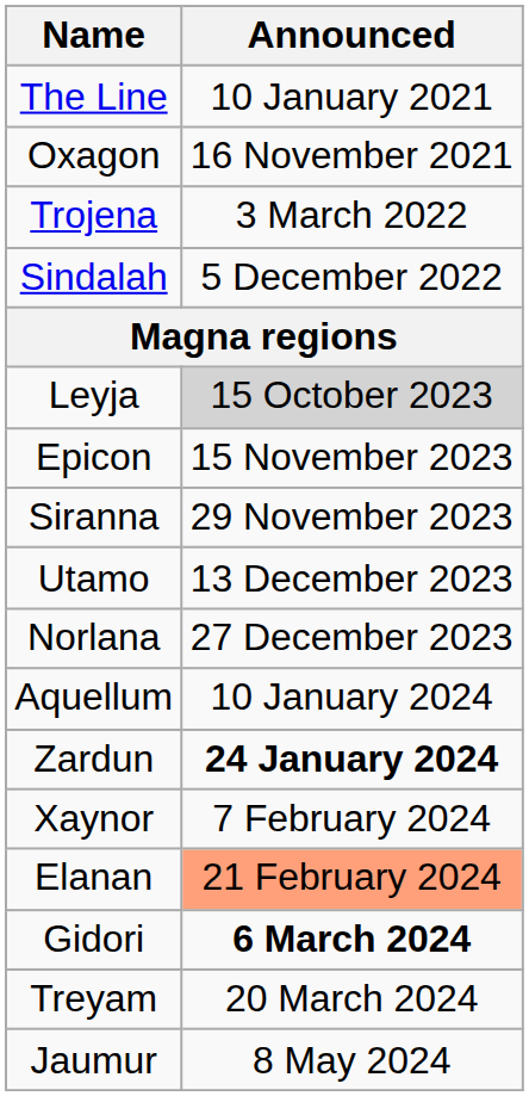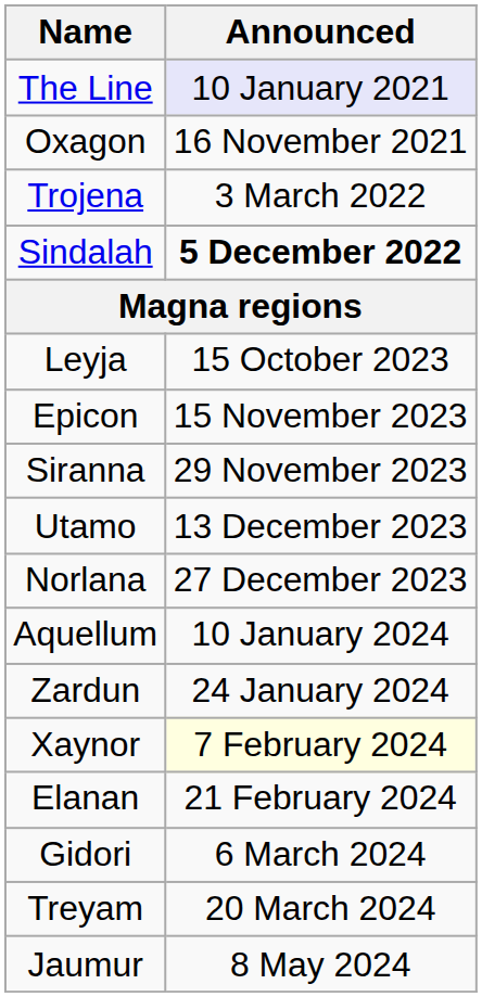 <table class="wikitable sortable" style="text-align:center;">
 <tr>
 <th>Name</th>
 <th>Announced</th>
 </tr>
 <tr>
 <td><a href='#'>The Line</a></td>
-<td>10 January 2021</td>
+<td style="background: lavender;">10 January 2021</td>
 </tr>
 <tr>
 <td>Oxagon</td>
 <td>16 November 2021</td>
 </tr>
 <tr>
 <td><a href='#'>Trojena</a></td>
 <td>3 March 2022</td>
 </tr>
 <tr>
 <td><a href='#'>Sindalah</a></td>
-<td>5 December 2022</td>
+<td><strong>5 December 2022</strong></td>
 </tr>
 <tr>
 <th colspan="3">Magna regions</th>
 </tr>
 <tr>
 <td>Leyja</td>
-<td style="background: lightgrey;">15 October 2023</td>
+<td>15 October 2023</td>
 </tr>
 <tr>
 <td>Epicon</td>
 <td>15 November 2023</td>
 </tr>
 <tr>
 <td>Siranna</td>
 <td>29 November 2023</td>
 </tr>
 <tr>
 <td>Utamo</td>
 <td>13 December 2023</td>
 </tr>
 <tr>
 <td>Norlana</td>
 <td>27 December 2023</td>
 </tr>
 <tr>
 <td>Aquellum</td>
 <td>10 January 2024</td>
 </tr>
 <tr>
 <td>Zardun</td>
-<td><strong>24 January 2024</strong></td>
+<td>24 January 2024</td>
 </tr>
 <tr>
 <td>Xaynor</td>
-<td>7 February 2024</td>
+<td style="background: lightyellow;">7 February 2024</td>
 </tr>
 <tr>
 <td>Elanan</td>
-<td style="background: lightsalmon;">21 February 2024</td>
+<td>21 February 2024</td>
 </tr>
 <tr>
 <td>Gidori</td>
-<td><strong>6 March 2024</strong></td>
+<td>6 March 2024</td>
 </tr>
 <tr>
 <td>Treyam</td>
 <td>20 March 2024</td>
 </tr>
 <tr>
 <td>Jaumur</td>
 <td>8 May 2024</td>
 </tr>
 <tr>
 </tr>
 </table>
